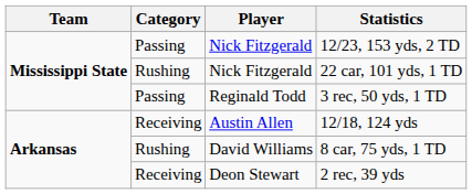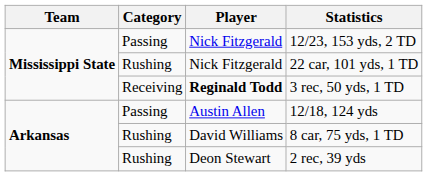 <table class="wikitable" style="float: right;">
 <tr>
 <th>Team</th>
 <th>Category</th>
 <th>Player</th>
 <th>Statistics</th>
 </tr>
 <tr>
 <td rowspan=3><strong>Mississippi State</strong></td>
 <td>Passing</td>
 <td><a href='#'>Nick Fitzgerald</a></td>
 <td>12/23, 153 yds, 2 TD</td>
 </tr>
 <tr>
 <td>Rushing</td>
 <td>Nick Fitzgerald</td>
 <td>22 car, 101 yds, 1 TD</td>
 </tr>
 <tr>
-<td>Passing</td>
-<td>Reginald Todd</td>
+<td>Receiving</td>
+<td><strong>Reginald Todd</strong></td>
 <td>3 rec, 50 yds, 1 TD</td>
 </tr>
 <tr>
 <td rowspan=3><strong>Arkansas</strong></td>
-<td>Receiving</td>
+<td>Passing</td>
 <td><a href='#'>Austin Allen</a></td>
 <td>12/18, 124 yds</td>
 </tr>
 <tr>
 <td>Rushing</td>
 <td>David Williams</td>
 <td>8 car, 75 yds, 1 TD</td>
 </tr>
 <tr>
-<td>Receiving</td>
+<td>Rushing</td>
 <td>Deon Stewart</td>
 <td>2 rec, 39 yds</td>
 </tr>
 </table>
